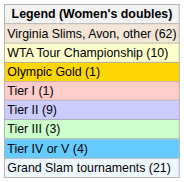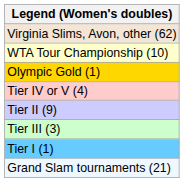 <table class="wikitable" style="font-size: 92%">
 <tr style="background:#eee;">
 <th>Legend (Women's doubles)</th>
 </tr>
 <tr style="background:#f3e6d7;">
 <td>Virginia Slims, Avon, other (62)</td>
 </tr>
 <tr style="background:#ffc;">
 <td>WTA Tour Championship (10)</td>
 </tr>
 <tr style="background:gold;">
 <td>Olympic Gold (1)</td>
 </tr>
 <tr style="background:#fcc;">
-<td>Tier I (1)</td>
+<td>Tier IV or V (4)</td>
 </tr>
 <tr style="background:#ccf;">
 <td>Tier II (9)</td>
 </tr>
 <tr style="background:#cfc;">
 <td>Tier III (3)</td>
 </tr>
 <tr style="background:#6cf;">
-<td>Tier IV or V (4)</td>
+<td>Tier I (1)</td>
 </tr>
 <tr style="background:#f0f8ff;">
 <td>Grand Slam tournaments (21)</td>
 </tr>
 </table>
